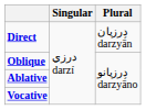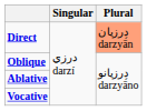 <table class="wikitable">
 <tr>
 <th></th>
 <th>Singular</th>
 <th>Plural</th>
 </tr>
 <tr>
 <td><strong><a href='#'>Direct</a></strong></td>
 <td rowspan="4">درزي<br>darzí</td>
-<td>درزيان<br>darzyā́n</td>
+<td style="background: lightsalmon;">درزيان<br>darzyā́n</td>
 </tr>
 <tr>
 <td><strong><a href='#'>Oblique</a></strong></td>
 <td rowspan="3">درزیانو<br>darzyā́no</td>
 </tr>
 <tr>
 <td><strong><a href='#'>Ablative</a></strong></td>
 </tr>
 <tr>
 <td><strong><a href='#'>Vocative</a></strong></td>
 </tr>
 </table>
